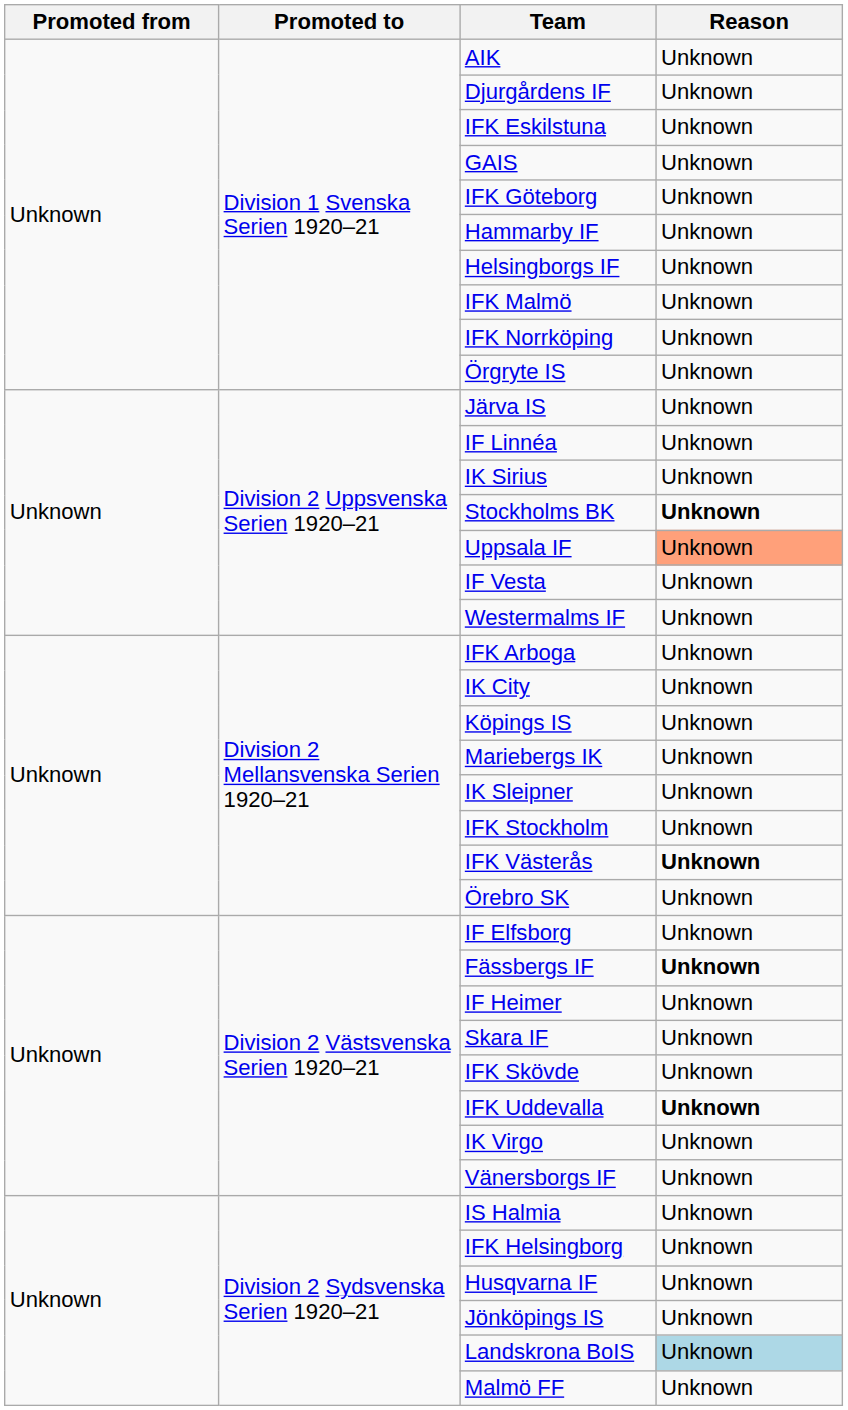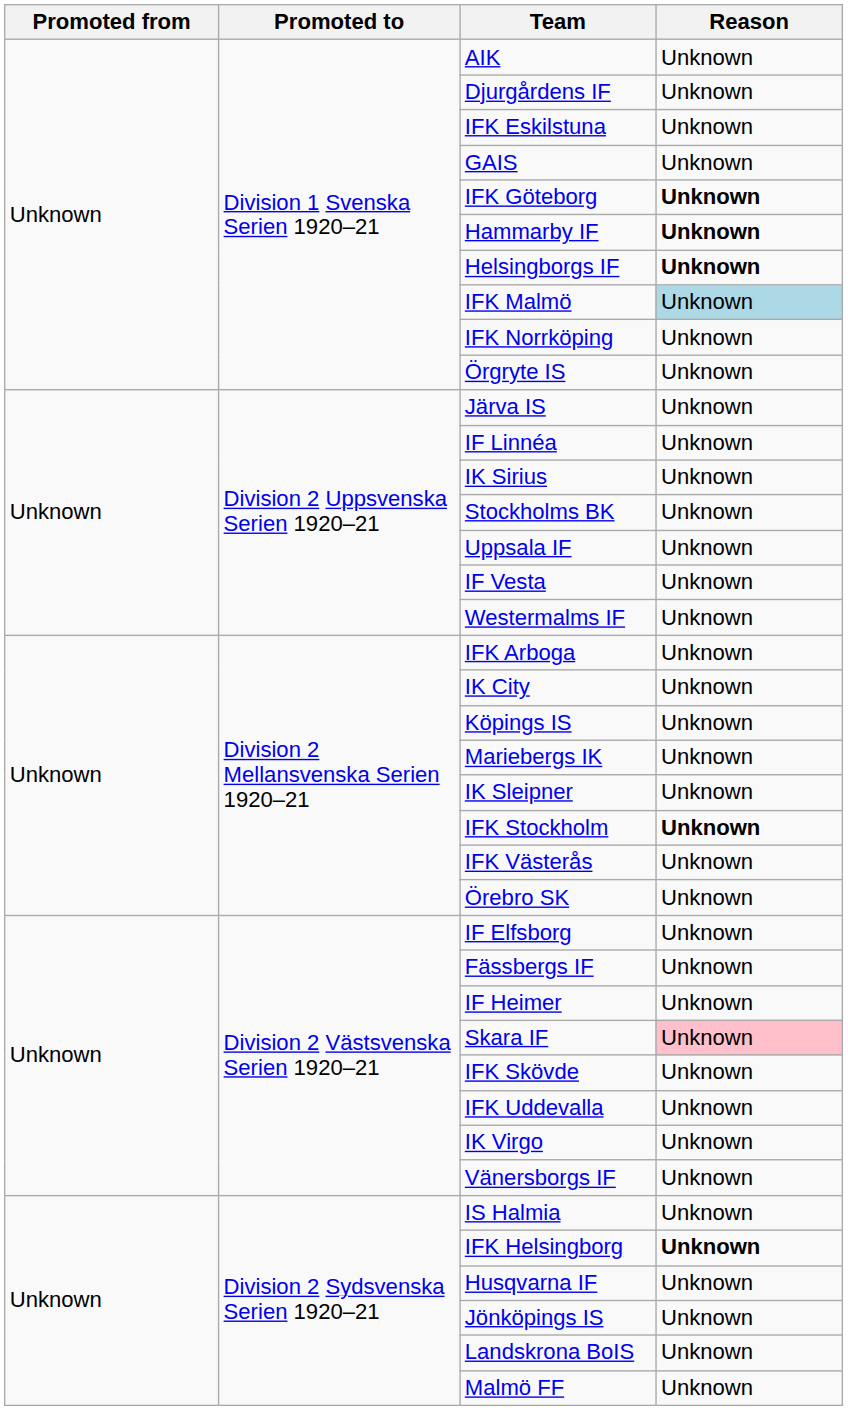 <table class="wikitable" style="text-align: left;">
 <tr>
 <th style="width: 275px;">Promoted from</th>
 <th style="width: 275px;">Promoted to</th>
 <th style="width: 200px;">Team</th>
 <th style="width: 225px;">Reason</th>
 </tr>
 <tr>
 <td rowspan=10>Unknown</td>
 <td rowspan=10><a href='#'>Division 1</a> <a href='#'>Svenska Serien</a> 1920–21</td>
 <td><a href='#'>AIK</a></td>
 <td>Unknown</td>
 </tr>
 <tr>
 <td><a href='#'>Djurgårdens IF</a></td>
 <td>Unknown</td>
 </tr>
 <tr>
 <td><a href='#'>IFK Eskilstuna</a></td>
 <td>Unknown</td>
 </tr>
 <tr>
 <td><a href='#'>GAIS</a></td>
 <td>Unknown</td>
 </tr>
 <tr>
 <td><a href='#'>IFK Göteborg</a></td>
-<td>Unknown</td>
+<td><strong>Unknown</strong></td>
 </tr>
 <tr>
 <td><a href='#'>Hammarby IF</a></td>
-<td>Unknown</td>
+<td><strong>Unknown</strong></td>
 </tr>
 <tr>
 <td><a href='#'>Helsingborgs IF</a></td>
-<td>Unknown</td>
+<td><strong>Unknown</strong></td>
 </tr>
 <tr>
 <td><a href='#'>IFK Malmö</a></td>
-<td>Unknown</td>
+<td style="background: lightblue;">Unknown</td>
 </tr>
 <tr>
 <td><a href='#'>IFK Norrköping</a></td>
 <td>Unknown</td>
 </tr>
 <tr>
 <td><a href='#'>Örgryte IS</a></td>
 <td>Unknown</td>
 </tr>
 <tr>
 <td rowspan=7>Unknown</td>
 <td rowspan=7><a href='#'>Division 2</a> <a href='#'>Uppsvenska Serien</a> 1920–21</td>
 <td><a href='#'>Järva IS</a></td>
 <td>Unknown</td>
 </tr>
 <tr>
 <td><a href='#'>IF Linnéa</a></td>
 <td>Unknown</td>
 </tr>
 <tr>
 <td><a href='#'>IK Sirius</a></td>
 <td>Unknown</td>
 </tr>
 <tr>
 <td><a href='#'>Stockholms BK</a></td>
-<td><strong>Unknown</strong></td>
+<td>Unknown</td>
 </tr>
 <tr>
 <td><a href='#'>Uppsala IF</a></td>
-<td style="background: lightsalmon;">Unknown</td>
+<td>Unknown</td>
 </tr>
 <tr>
 <td><a href='#'>IF Vesta</a></td>
 <td>Unknown</td>
 </tr>
 <tr>
 <td><a href='#'>Westermalms IF</a></td>
 <td>Unknown</td>
 </tr>
 <tr>
 <td rowspan=8>Unknown</td>
 <td rowspan=8><a href='#'>Division 2</a> <a href='#'>Mellansvenska Serien</a> 1920–21</td>
 <td><a href='#'>IFK Arboga</a></td>
 <td>Unknown</td>
 </tr>
 <tr>
 <td><a href='#'>IK City</a></td>
 <td>Unknown</td>
 </tr>
 <tr>
 <td><a href='#'>Köpings IS</a></td>
 <td>Unknown</td>
 </tr>
 <tr>
 <td><a href='#'>Mariebergs IK</a></td>
 <td>Unknown</td>
 </tr>
 <tr>
 <td><a href='#'>IK Sleipner</a></td>
 <td>Unknown</td>
 </tr>
 <tr>
 <td><a href='#'>IFK Stockholm</a></td>
-<td>Unknown</td>
+<td><strong>Unknown</strong></td>
 </tr>
 <tr>
 <td><a href='#'>IFK Västerås</a></td>
-<td><strong>Unknown</strong></td>
+<td>Unknown</td>
 </tr>
 <tr>
 <td><a href='#'>Örebro SK</a></td>
 <td>Unknown</td>
 </tr>
 <tr>
 <td rowspan=8>Unknown</td>
 <td rowspan=8><a href='#'>Division 2</a> <a href='#'>Västsvenska Serien</a> 1920–21</td>
 <td><a href='#'>IF Elfsborg</a></td>
 <td>Unknown</td>
 </tr>
 <tr>
 <td><a href='#'>Fässbergs IF</a></td>
-<td><strong>Unknown</strong></td>
+<td>Unknown</td>
 </tr>
 <tr>
 <td><a href='#'>IF Heimer</a></td>
 <td>Unknown</td>
 </tr>
 <tr>
 <td><a href='#'>Skara IF</a></td>
-<td>Unknown</td>
+<td style="background: pink;">Unknown</td>
 </tr>
 <tr>
 <td><a href='#'>IFK Skövde</a></td>
 <td>Unknown</td>
 </tr>
 <tr>
 <td><a href='#'>IFK Uddevalla</a></td>
-<td><strong>Unknown</strong></td>
+<td>Unknown</td>
 </tr>
 <tr>
 <td><a href='#'>IK Virgo</a></td>
 <td>Unknown</td>
 </tr>
 <tr>
 <td><a href='#'>Vänersborgs IF</a></td>
 <td>Unknown</td>
 </tr>
 <tr>
 <td rowspan=6>Unknown</td>
 <td rowspan=6><a href='#'>Division 2</a> <a href='#'>Sydsvenska Serien</a> 1920–21</td>
 <td><a href='#'>IS Halmia</a></td>
 <td>Unknown</td>
 </tr>
 <tr>
 <td><a href='#'>IFK Helsingborg</a></td>
-<td>Unknown</td>
+<td><strong>Unknown</strong></td>
 </tr>
 <tr>
 <td><a href='#'>Husqvarna IF</a></td>
 <td>Unknown</td>
 </tr>
 <tr>
 <td><a href='#'>Jönköpings IS</a></td>
 <td>Unknown</td>
 </tr>
 <tr>
 <td><a href='#'>Landskrona BoIS</a></td>
-<td style="background: lightblue;">Unknown</td>
+<td>Unknown</td>
 </tr>
 <tr>
 <td><a href='#'>Malmö FF</a></td>
 <td>Unknown</td>
 </tr>
 </table>
